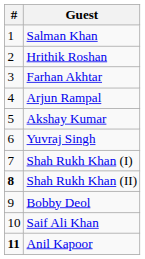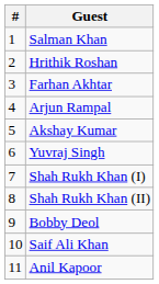 <table class="wikitable">
 <tr>
 <th>#</th>
 <th>Guest</th>
 </tr>
 <tr>
 <td>1</td>
 <td><a href='#'>Salman Khan</a></td>
 </tr>
 <tr>
 <td>2</td>
 <td><a href='#'>Hrithik Roshan</a></td>
 </tr>
 <tr>
 <td>3</td>
 <td><a href='#'>Farhan Akhtar</a></td>
 </tr>
 <tr>
 <td>4</td>
 <td><a href='#'>Arjun Rampal</a></td>
 </tr>
 <tr>
 <td>5</td>
 <td><a href='#'>Akshay Kumar</a></td>
 </tr>
 <tr>
 <td>6</td>
 <td><a href='#'>Yuvraj Singh</a></td>
 </tr>
 <tr>
 <td>7</td>
 <td><a href='#'>Shah Rukh Khan</a> (I)</td>
 </tr>
 <tr>
-<td><strong>8</strong></td>
+<td>8</td>
 <td><a href='#'>Shah Rukh Khan</a> (II)</td>
 </tr>
 <tr>
 <td>9</td>
 <td><a href='#'>Bobby Deol</a></td>
 </tr>
 <tr>
 <td>10</td>
 <td><a href='#'>Saif Ali Khan</a></td>
 </tr>
 <tr>
-<td><strong>11</strong></td>
+<td>11</td>
 <td><a href='#'>Anil Kapoor</a></td>
 </tr>
 </table>
